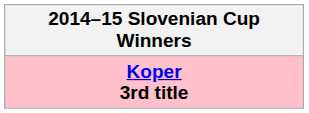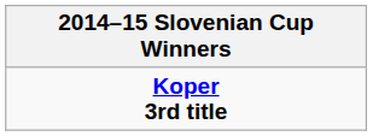 <table class="wikitable" style="text-align: center; margin: 0 auto; width: 20%">
 <tr>
 <th>2014–15 Slovenian Cup<br> Winners</th>
 </tr>
 <tr>
-<td style="background: pink;"><strong><a href='#'>Koper</a></strong><br><strong>3rd title</strong></td>
+<td><strong><a href='#'>Koper</a></strong><br><strong>3rd title</strong></td>
 </tr>
 </table>
